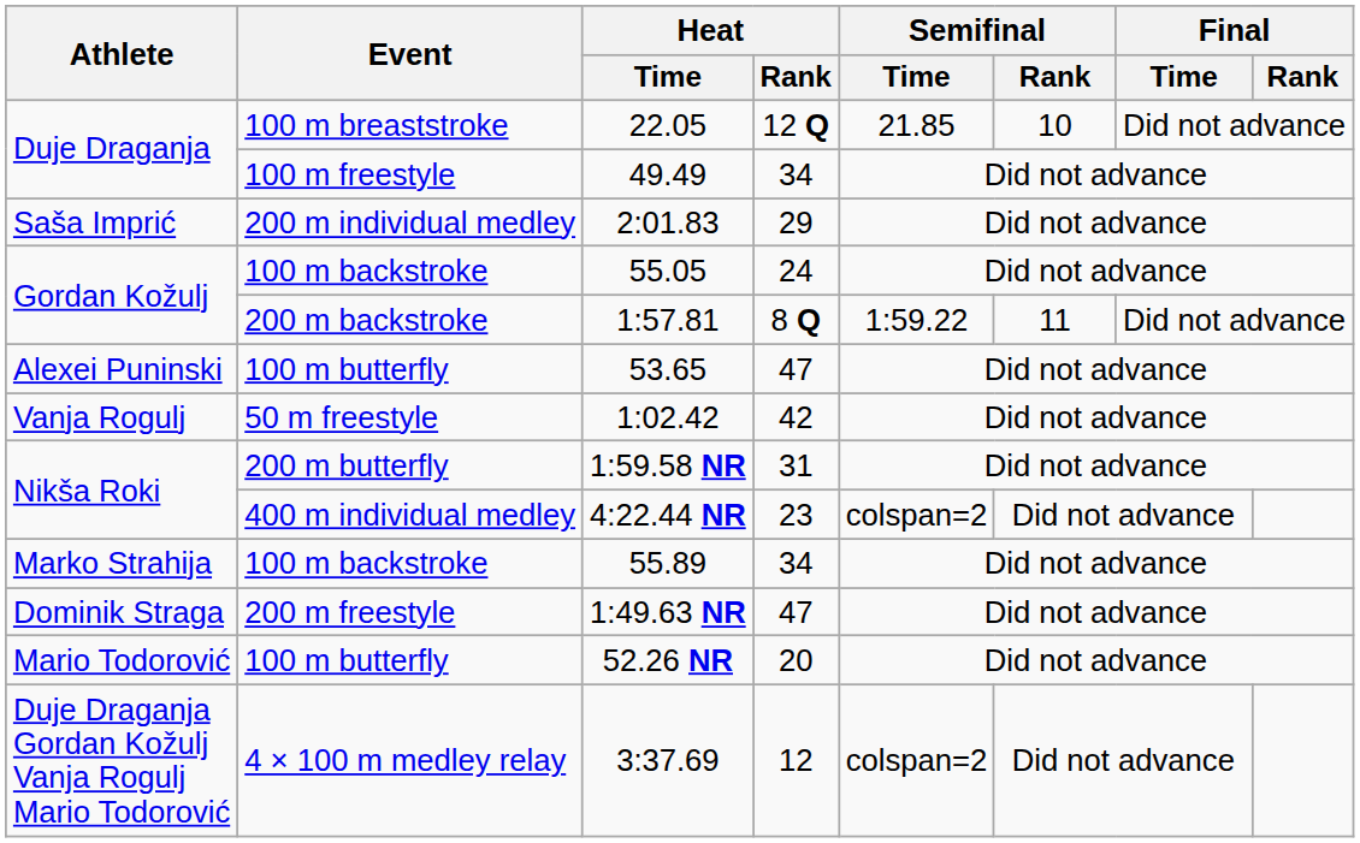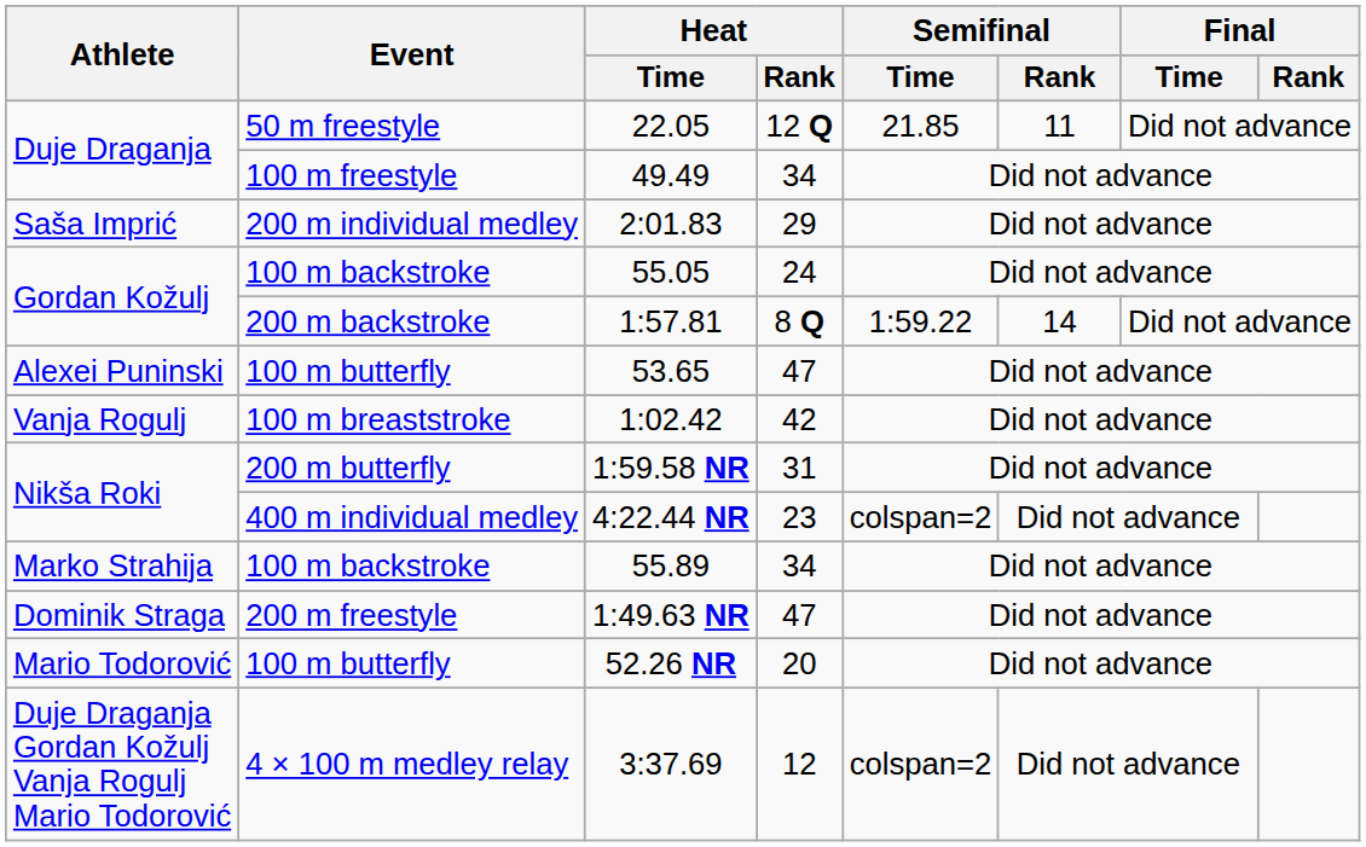 <table class=wikitable style="font-size:90%">
 <tr>
 <th rowspan="2">Athlete</th>
 <th rowspan="2">Event</th>
 <th colspan="2">Heat</th>
 <th colspan="2">Semifinal</th>
 <th colspan="2">Final</th>
 </tr>
 <tr style="font-size:95%">
 <th>Time</th>
 <th>Rank</th>
 <th>Time</th>
 <th>Rank</th>
 <th>Time</th>
 <th>Rank</th>
 </tr>
 <tr align=center>
 <td align=left rowspan="2"><a href='#'>Duje Draganja</a></td>
-<td align=left><a href='#'>100 m breaststroke</a></td>
+<td align=left><a href='#'>50 m freestyle</a></td>
 <td>22.05</td>
 <td>12 <strong>Q</strong></td>
 <td>21.85</td>
-<td>10</td>
+<td>11</td>
 <td colspan=2>Did not advance</td>
 </tr>
 <tr align=center>
 <td align=left><a href='#'>100 m freestyle</a></td>
 <td>49.49</td>
 <td>34</td>
 <td colspan=4>Did not advance</td>
 </tr>
 <tr align=center>
 <td align=left><a href='#'>Saša Imprić</a></td>
 <td align=left><a href='#'>200 m individual medley</a></td>
 <td>2:01.83</td>
 <td>29</td>
 <td colspan=4>Did not advance</td>
 </tr>
 <tr align=center>
 <td align=left rowspan=2><a href='#'>Gordan Kožulj</a></td>
 <td align=left><a href='#'>100 m backstroke</a></td>
 <td>55.05</td>
 <td>24</td>
 <td colspan=4>Did not advance</td>
 </tr>
 <tr align=center>
 <td align=left><a href='#'>200 m backstroke</a></td>
 <td>1:57.81</td>
 <td>8 <strong>Q</strong></td>
 <td>1:59.22</td>
-<td>11</td>
+<td>14</td>
 <td colspan=2>Did not advance</td>
 </tr>
 <tr align=center>
 <td align=left><a href='#'>Alexei Puninski</a></td>
 <td align=left><a href='#'>100 m butterfly</a></td>
 <td>53.65</td>
 <td>47</td>
 <td colspan=4>Did not advance</td>
 </tr>
 <tr align=center>
 <td align=left><a href='#'>Vanja Rogulj</a></td>
-<td align=left><a href='#'>50 m freestyle</a></td>
+<td align=left><a href='#'>100 m breaststroke</a></td>
 <td>1:02.42</td>
 <td>42</td>
 <td colspan=4>Did not advance</td>
 </tr>
 <tr align=center>
 <td align=left rowspan=2><a href='#'>Nikša Roki</a></td>
 <td align=left><a href='#'>200 m butterfly</a></td>
 <td>1:59.58 <strong><a href='#'>NR</a></strong></td>
 <td>31</td>
 <td colspan=4>Did not advance</td>
 </tr>
 <tr align=center>
 <td align=left><a href='#'>400 m individual medley</a></td>
 <td>4:22.44 <strong><a href='#'>NR</a></strong></td>
 <td>23</td>
 <td>colspan=2 </td>
 <td colspan=2>Did not advance</td>
 </tr>
 <tr align=center>
 <td align=left><a href='#'>Marko Strahija</a></td>
 <td align=left><a href='#'>100 m backstroke</a></td>
 <td>55.89</td>
 <td>34</td>
 <td colspan=4>Did not advance</td>
 </tr>
 <tr align=center>
 <td align=left><a href='#'>Dominik Straga</a></td>
 <td align=left><a href='#'>200 m freestyle</a></td>
 <td>1:49.63 <strong><a href='#'>NR</a></strong></td>
 <td>47</td>
 <td colspan=4>Did not advance</td>
 </tr>
 <tr align=center>
 <td align=left><a href='#'>Mario Todorović</a></td>
 <td align=left><a href='#'>100 m butterfly</a></td>
 <td>52.26 <strong><a href='#'>NR</a></strong></td>
 <td>20</td>
 <td colspan=4>Did not advance</td>
 </tr>
 <tr align=center>
 <td align=left><a href='#'>Duje Draganja</a><br><a href='#'>Gordan Kožulj</a><br><a href='#'>Vanja Rogulj</a><br><a href='#'>Mario Todorović</a></td>
 <td align=left><a href='#'>4 × 100 m medley relay</a></td>
 <td>3:37.69</td>
 <td>12</td>
 <td>colspan=2 </td>
 <td colspan=2>Did not advance</td>
 </tr>
 </table>
